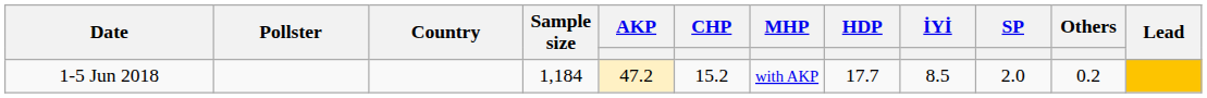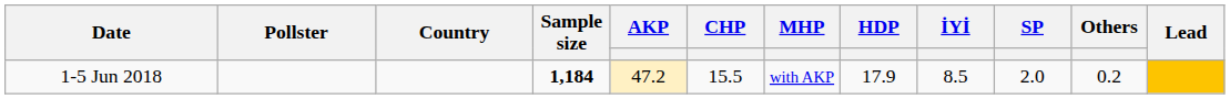 <table class="wikitable" style="text-align:center; font-size:90%; line-height:17px;">
 <tr>
 <th rowspan="2" width="150px">Date</th>
 <th rowspan="2" width="110px">Pollster</th>
 <th rowspan="2" width="110px">Country</th>
 <th rowspan="2" width="50px">Sample size</th>
 <th width="50"><a href='#'>AKP</a></th>
 <th width="50"><a href='#'>CHP</a></th>
 <th width="50"><a href='#'>MHP</a></th>
 <th width="50"><a href='#'>HDP</a></th>
 <th width="50"><a href='#'>İYİ</a></th>
 <th width="50"><a href='#'>SP</a></th>
 <th width="50">Others</th>
 <th rowspan="2" width="50">Lead</th>
 </tr>
 <tr>
 <th style="background: "></th>
 <th style="background: "></th>
 <th style="background: "></th>
 <th style="background: "></th>
 <th style="background: "></th>
 <th style="background: "></th>
 <th style="background: "></th>
 </tr>
 <tr>
 <td>1-5 Jun 2018</td>
 <td></td>
 <td></td>
-<td>1,184</td>
+<td><strong>1,184</strong></td>
 <td style="background: #FFF1C4">47.2</td>
-<td>15.2</td>
+<td>15.5</td>
 <td><small><a href='#'>with AKP</a></small></td>
-<td>17.7</td>
+<td>17.9</td>
 <td>8.5</td>
 <td>2.0</td>
 <td>0.2</td>
 <td style="background: #FDC400"></td>
 </tr>
 </table>
